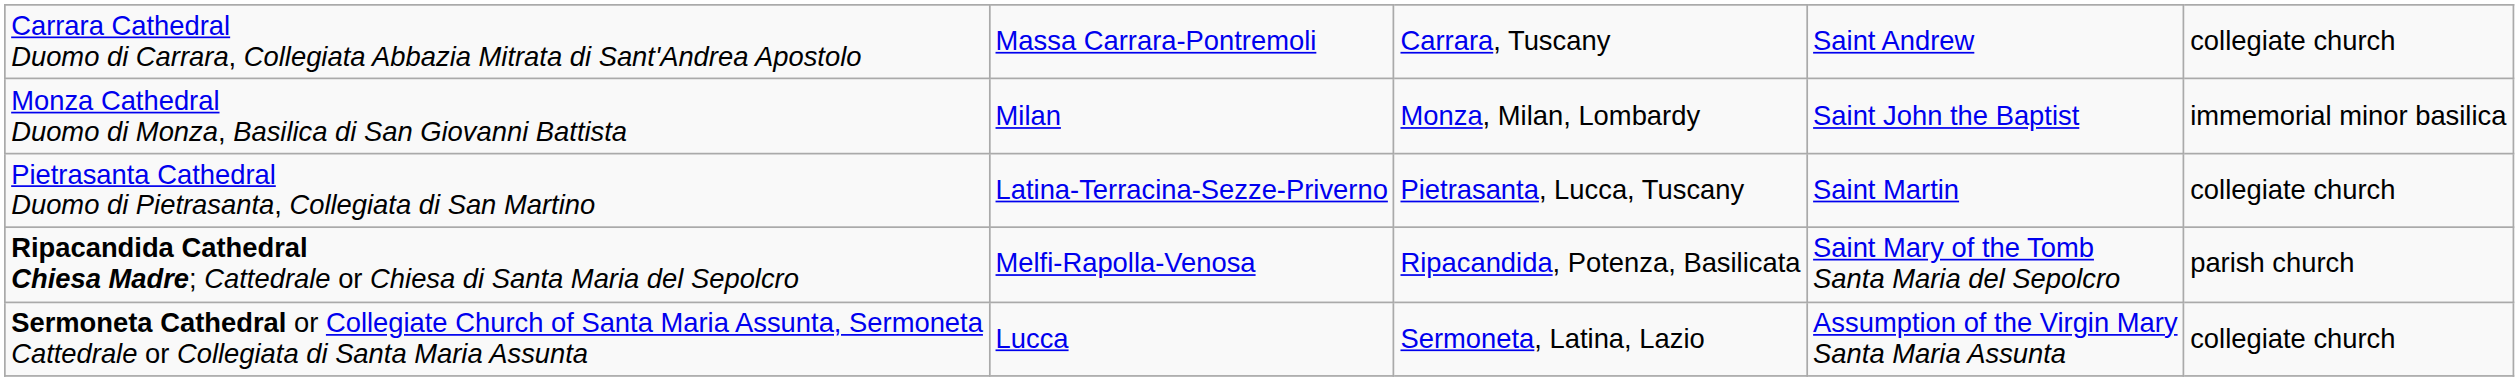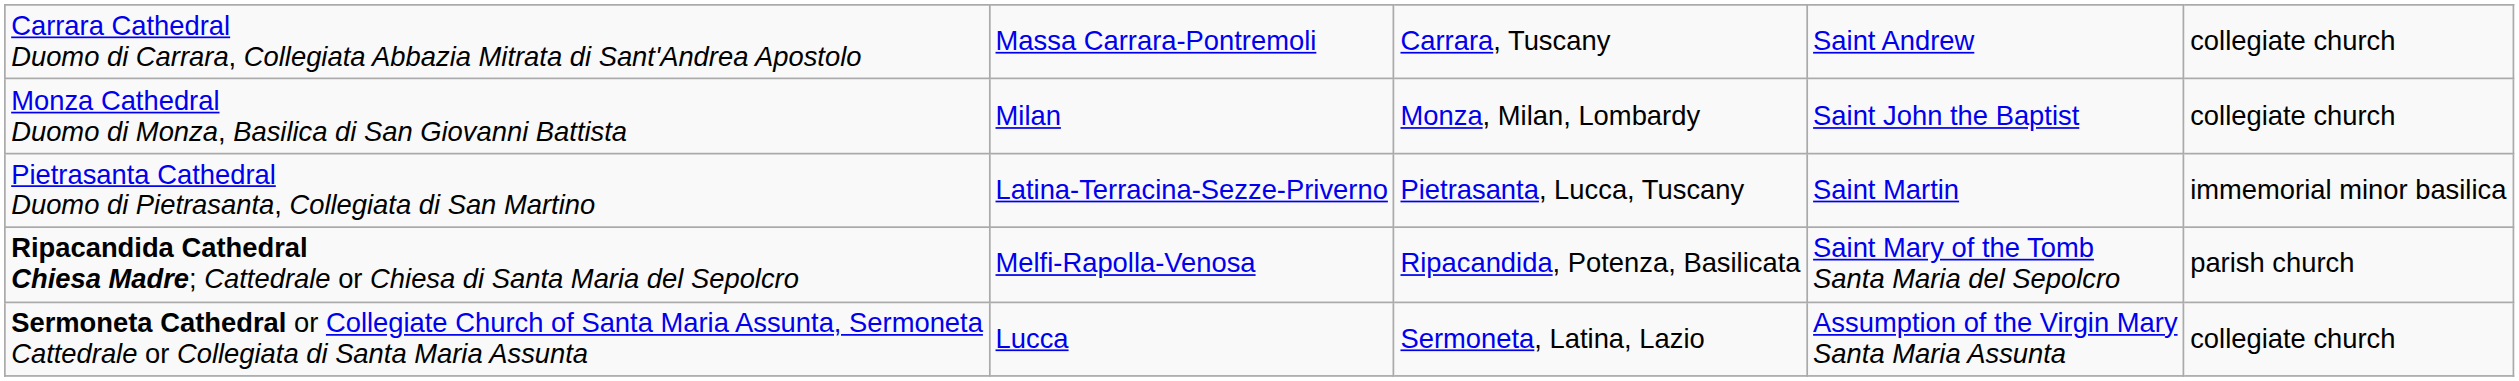 <table class="wikitable">
 <tr>
 <td><a href='#'>Carrara Cathedral</a><br><em>Duomo di Carrara</em>, <em>Collegiata Abbazia Mitrata di Sant'Andrea Apostolo</em></td>
 <td><a href='#'>Massa Carrara-Pontremoli</a></td>
 <td><a href='#'>Carrara</a>, Tuscany</td>
 <td><a href='#'>Saint Andrew</a></td>
 <td>collegiate church</td>
 </tr>
 <tr>
 <td><a href='#'>Monza Cathedral</a><br><em>Duomo di Monza</em>, <em>Basilica di San Giovanni Battista</em></td>
 <td><a href='#'>Milan</a></td>
 <td><a href='#'>Monza</a>, Milan, Lombardy</td>
 <td><a href='#'>Saint John the Baptist</a></td>
-<td>immemorial minor basilica</td>
+<td>collegiate church</td>
 </tr>
 <tr>
 <td><a href='#'>Pietrasanta Cathedral</a><br><em>Duomo di Pietrasanta</em>, <em>Collegiata di San Martino</em></td>
 <td><a href='#'>Latina-Terracina-Sezze-Priverno</a></td>
 <td><a href='#'>Pietrasanta</a>, Lucca, Tuscany</td>
 <td><a href='#'>Saint Martin</a></td>
-<td>collegiate church</td>
+<td>immemorial minor basilica</td>
 </tr>
 <tr>
 <td><strong>Ripacandida Cathedral</strong><br><strong><em>Chiesa Madre</em></strong>; <em>Cattedrale</em> or <em>Chiesa di Santa Maria del Sepolcro</em></td>
 <td><a href='#'>Melfi-Rapolla-Venosa</a></td>
 <td><a href='#'>Ripacandida</a>, Potenza, Basilicata</td>
 <td><a href='#'>Saint Mary of the Tomb</a><br><em>Santa Maria del Sepolcro</em></td>
 <td>parish church</td>
 </tr>
 <tr>
 <td><strong>Sermoneta Cathedral</strong> or <a href='#'>Collegiate Church of Santa Maria Assunta, Sermoneta</a><br><em>Cattedrale</em> or <em>Collegiata di Santa Maria Assunta</em></td>
 <td><a href='#'>Lucca</a></td>
 <td><a href='#'>Sermoneta</a>, Latina, Lazio</td>
 <td><a href='#'>Assumption of the Virgin Mary</a><br><em>Santa Maria Assunta</em></td>
 <td>collegiate church</td>
 </tr>
 </table>
